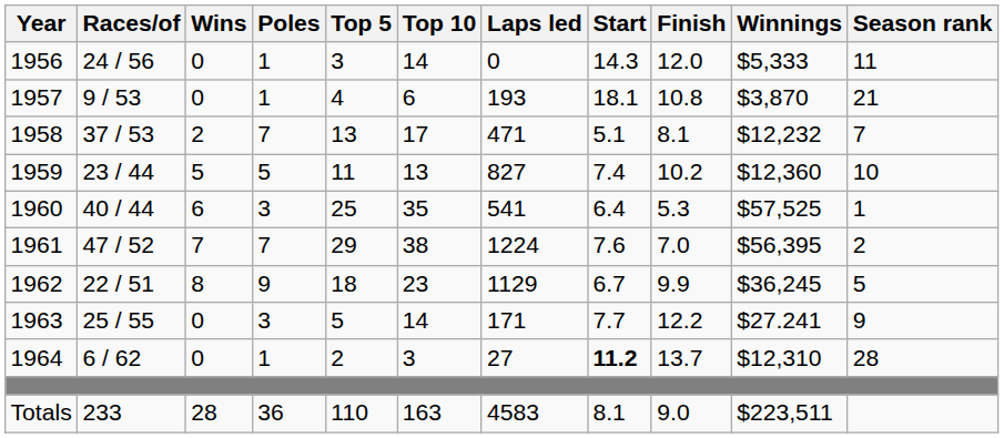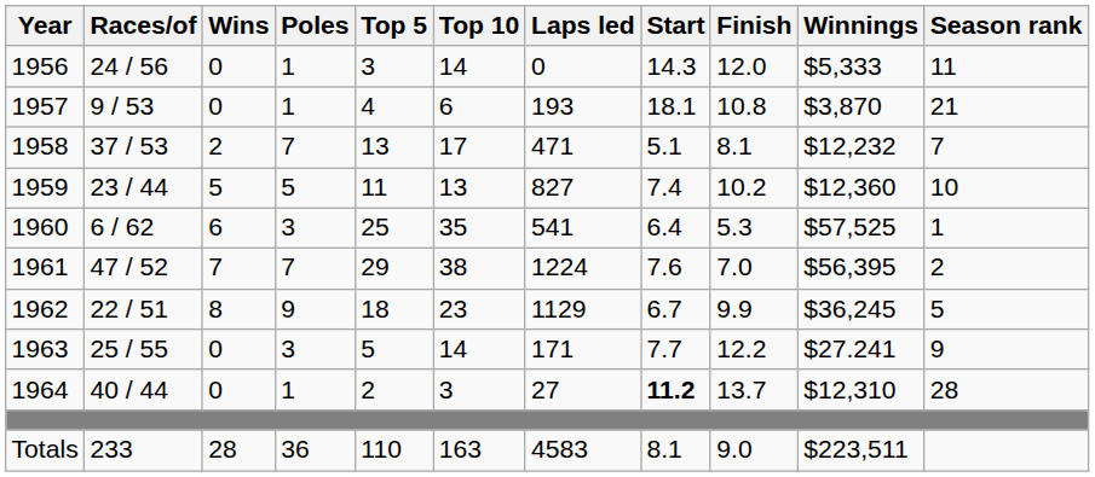 <table class="wikitable">
 <tr>
 <th>Year</th>
 <th>Races/of</th>
 <th>Wins</th>
 <th>Poles</th>
 <th>Top 5</th>
 <th>Top 10</th>
 <th>Laps led</th>
 <th>Start</th>
 <th>Finish</th>
 <th>Winnings</th>
 <th>Season rank</th>
 </tr>
 <tr>
 <td>1956</td>
 <td>24 / 56</td>
 <td>0</td>
 <td>1</td>
 <td>3</td>
 <td>14</td>
 <td>0</td>
 <td>14.3</td>
 <td>12.0</td>
 <td>$5,333</td>
 <td>11</td>
 </tr>
 <tr>
 <td>1957</td>
 <td>9 / 53</td>
 <td>0</td>
 <td>1</td>
 <td>4</td>
 <td>6</td>
 <td>193</td>
 <td>18.1</td>
 <td>10.8</td>
 <td>$3,870</td>
 <td>21</td>
 </tr>
 <tr>
 <td>1958</td>
 <td>37 / 53</td>
 <td>2</td>
 <td>7</td>
 <td>13</td>
 <td>17</td>
 <td>471</td>
 <td>5.1</td>
 <td>8.1</td>
 <td>$12,232</td>
 <td>7</td>
 </tr>
 <tr>
 <td>1959</td>
 <td>23 / 44</td>
 <td>5</td>
 <td>5</td>
 <td>11</td>
 <td>13</td>
 <td>827</td>
 <td>7.4</td>
 <td>10.2</td>
 <td>$12,360</td>
 <td>10</td>
 </tr>
 <tr>
 <td>1960</td>
-<td>40 / 44</td>
+<td>6 / 62</td>
 <td>6</td>
 <td>3</td>
 <td>25</td>
 <td>35</td>
 <td>541</td>
 <td>6.4</td>
 <td>5.3</td>
 <td>$57,525</td>
 <td>1</td>
 </tr>
 <tr>
 <td>1961</td>
 <td>47 / 52</td>
 <td>7</td>
 <td>7</td>
 <td>29</td>
 <td>38</td>
 <td>1224</td>
 <td>7.6</td>
 <td>7.0</td>
 <td>$56,395</td>
 <td>2</td>
 </tr>
 <tr>
 <td>1962</td>
 <td>22 / 51</td>
 <td>8</td>
 <td>9</td>
 <td>18</td>
 <td>23</td>
 <td>1129</td>
 <td>6.7</td>
 <td>9.9</td>
 <td>$36,245</td>
 <td>5</td>
 </tr>
 <tr>
 <td>1963</td>
 <td>25 / 55</td>
 <td>0</td>
 <td>3</td>
 <td>5</td>
 <td>14</td>
 <td>171</td>
 <td>7.7</td>
 <td>12.2</td>
 <td>$27.241</td>
 <td>9</td>
 </tr>
 <tr>
 <td>1964</td>
-<td>6 / 62</td>
+<td>40 / 44</td>
 <td>0</td>
 <td>1</td>
 <td>2</td>
 <td>3</td>
 <td>27</td>
 <td><strong>11.2</strong></td>
 <td>13.7</td>
 <td>$12,310</td>
 <td>28</td>
 </tr>
 <tr>
 <td colspan=11 style="background:#808080;" height="5px"></td>
 </tr>
 <tr>
 <td>Totals</td>
 <td>233</td>
 <td>28</td>
 <td>36</td>
 <td>110</td>
 <td>163</td>
 <td>4583</td>
 <td>8.1</td>
 <td>9.0</td>
 <td>$223,511</td>
 <td></td>
 </tr>
 </table>
